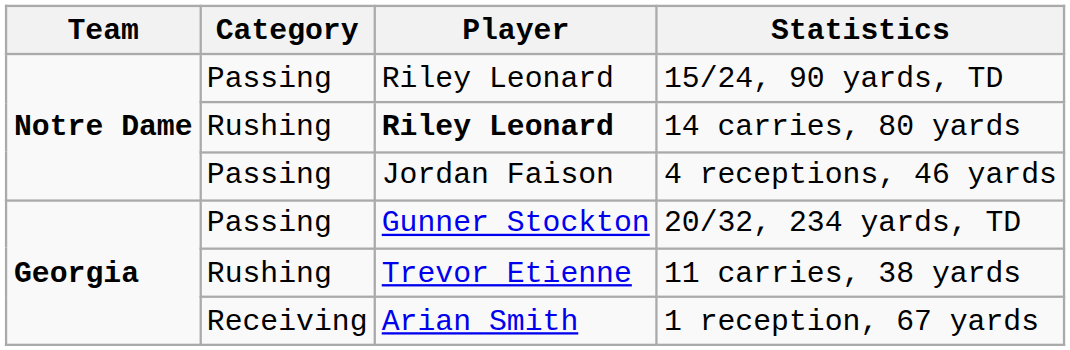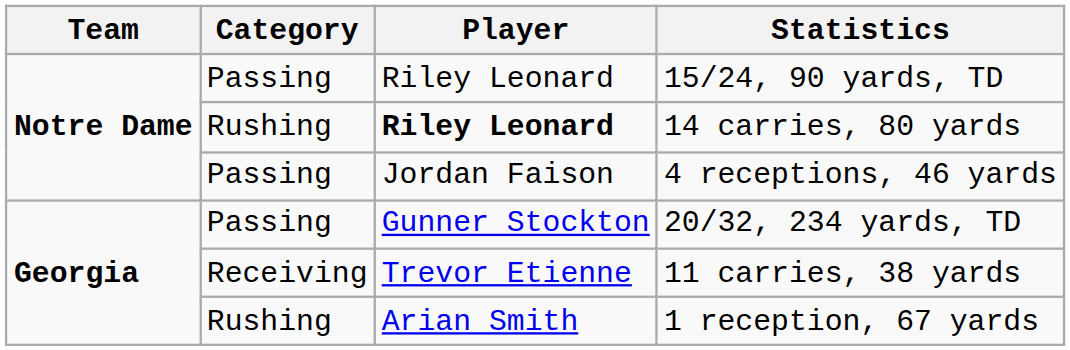 <table class="wikitable" style="float: right;">
 <tr>
 <th>Team</th>
 <th>Category</th>
 <th>Player</th>
 <th>Statistics</th>
 </tr>
 <tr>
 <td rowspan=3><strong>Notre Dame</strong></td>
 <td>Passing</td>
 <td>Riley Leonard</td>
 <td>15/24, 90 yards, TD</td>
 </tr>
 <tr>
 <td>Rushing</td>
 <td><strong>Riley Leonard</strong></td>
 <td>14 carries, 80 yards</td>
 </tr>
 <tr>
 <td>Passing</td>
 <td>Jordan Faison</td>
 <td>4 receptions, 46 yards</td>
 </tr>
 <tr>
 <td rowspan=3><strong>Georgia</strong></td>
 <td>Passing</td>
 <td><a href='#'>Gunner Stockton</a></td>
 <td>20/32, 234 yards, TD</td>
 </tr>
 <tr>
-<td>Rushing</td>
+<td>Receiving</td>
 <td><a href='#'>Trevor Etienne</a></td>
 <td>11 carries, 38 yards</td>
 </tr>
 <tr>
-<td>Receiving</td>
+<td>Rushing</td>
 <td><a href='#'>Arian Smith</a></td>
 <td>1 reception, 67 yards</td>
 </tr>
 </table>
